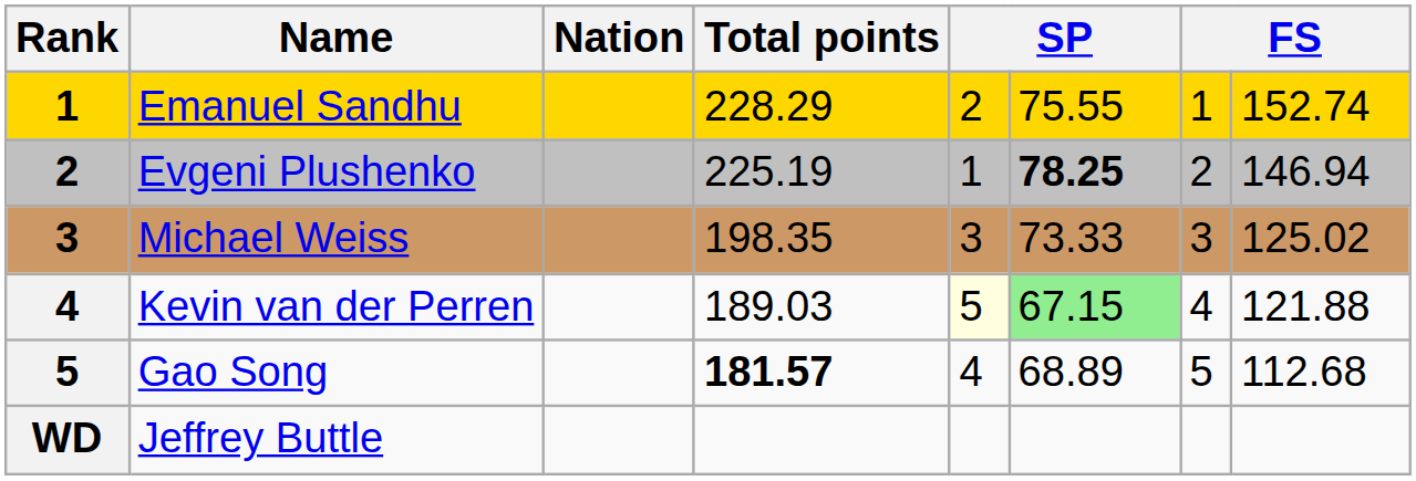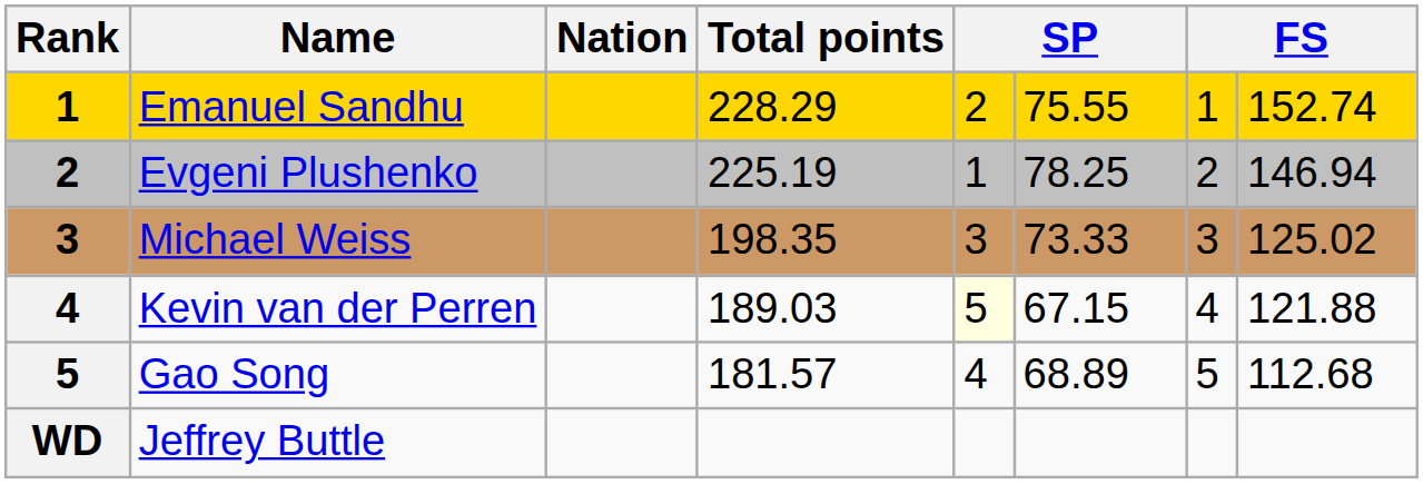 <table class="wikitable">
 <tr>
 <th>Rank</th>
 <th>Name</th>
 <th>Nation</th>
 <th>Total points</th>
 <th colspan="2" width="80px"><a href='#'>SP</a></th>
 <th colspan="2" width="80px"><a href='#'>FS</a></th>
 </tr>
 <tr bgcolor="gold">
 <td align="center"><strong>1</strong></td>
 <td><a href='#'>Emanuel Sandhu</a></td>
 <td></td>
 <td>228.29</td>
 <td>2</td>
 <td>75.55</td>
 <td>1</td>
 <td>152.74</td>
 </tr>
 <tr bgcolor="silver">
 <td align="center"><strong>2</strong></td>
 <td><a href='#'>Evgeni Plushenko</a></td>
 <td></td>
 <td>225.19</td>
 <td>1</td>
-<td><strong>78.25</strong></td>
+<td>78.25</td>
 <td>2</td>
 <td>146.94</td>
 </tr>
 <tr bgcolor="cc9966">
 <td align="center"><strong>3</strong></td>
 <td><a href='#'>Michael Weiss</a></td>
 <td></td>
 <td>198.35</td>
 <td>3</td>
 <td>73.33</td>
 <td>3</td>
 <td>125.02</td>
 </tr>
 <tr>
 <th>4</th>
 <td><a href='#'>Kevin van der Perren</a></td>
 <td></td>
 <td>189.03</td>
 <td style="background: lightyellow;">5</td>
-<td style="background: lightgreen;">67.15</td>
+<td>67.15</td>
 <td>4</td>
 <td>121.88</td>
 </tr>
 <tr>
 <th>5</th>
 <td><a href='#'>Gao Song</a></td>
 <td></td>
-<td><strong>181.57</strong></td>
+<td>181.57</td>
 <td>4</td>
 <td>68.89</td>
 <td>5</td>
 <td>112.68</td>
 </tr>
 <tr>
 <th>WD</th>
 <td><a href='#'>Jeffrey Buttle</a></td>
 <td></td>
 <td></td>
 <td></td>
 <td></td>
 <td></td>
 <td></td>
 </tr>
 </table>
